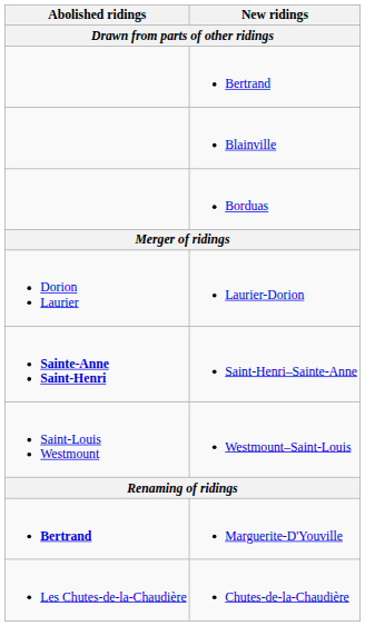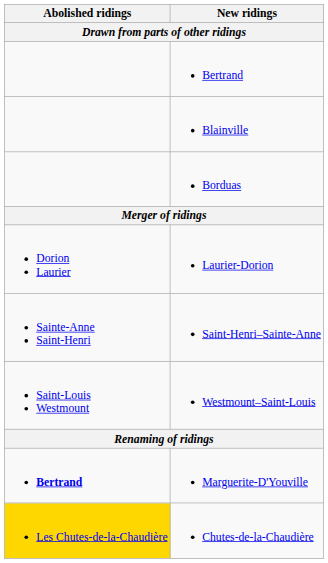 <table class="wikitable">
 <tr>
 <th>Abolished ridings</th>
 <th>New ridings</th>
 </tr>
 <tr>
 <th colspan="2"><em>Drawn from parts of other ridings</em></th>
 </tr>
 <tr>
 <td></td>
 <td><br><ul><li><a href='#'>Bertrand</a></li></ul></td>
 </tr>
 <tr>
 <td></td>
 <td><br><ul><li><a href='#'>Blainville</a></li></ul></td>
 </tr>
 <tr>
 <td></td>
 <td><br><ul><li><a href='#'>Borduas</a></li></ul></td>
 </tr>
 <tr>
 <th colspan="3"><em>Merger of ridings</em></th>
 </tr>
 <tr>
 <td><br><ul><li><a href='#'>Dorion</a></li><li><a href='#'>Laurier</a></li></ul></td>
 <td><br><ul><li><a href='#'>Laurier-Dorion</a></li></ul></td>
 </tr>
 <tr>
-<td><strong><br><ul><li><a href='#'>Sainte-Anne</a></li><li><a href='#'>Saint-Henri</a></li></ul></strong></td>
+<td><br><ul><li><a href='#'>Sainte-Anne</a></li><li><a href='#'>Saint-Henri</a></li></ul></td>
 <td><br><ul><li><a href='#'>Saint-Henri–Sainte-Anne</a></li></ul></td>
 </tr>
 <tr>
 <td><br><ul><li><a href='#'>Saint-Louis</a></li><li><a href='#'>Westmount</a></li></ul></td>
 <td><br><ul><li><a href='#'>Westmount–Saint-Louis</a></li></ul></td>
 </tr>
 <tr>
 <th colspan="2"><em>Renaming of ridings</em></th>
 </tr>
 <tr>
 <td><strong><br><ul><li><a href='#'>Bertrand</a></li></ul></strong></td>
 <td><br><ul><li><a href='#'>Marguerite-D'Youville</a></li></ul></td>
 </tr>
 <tr>
-<td><br><ul><li><a href='#'>Les Chutes-de-la-Chaudière</a></li></ul></td>
+<td style="background: gold;"><br><ul><li><a href='#'>Les Chutes-de-la-Chaudière</a></li></ul></td>
 <td><br><ul><li><a href='#'>Chutes-de-la-Chaudière</a></li></ul></td>
 </tr>
 </table>
